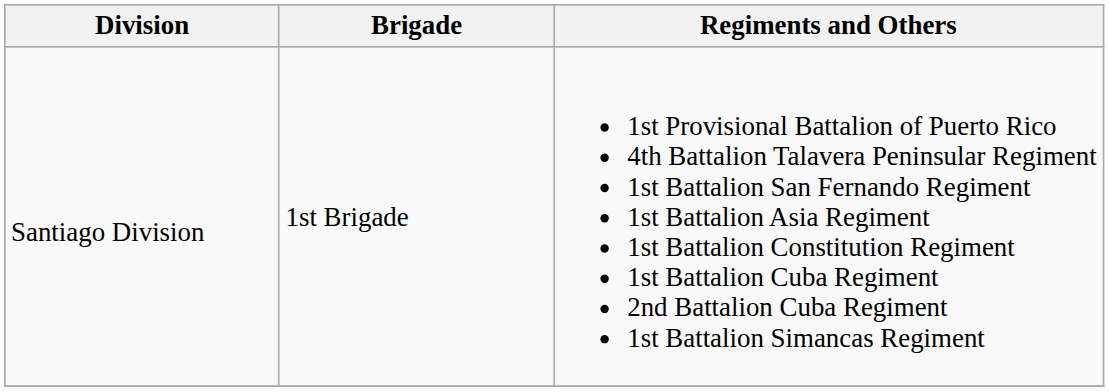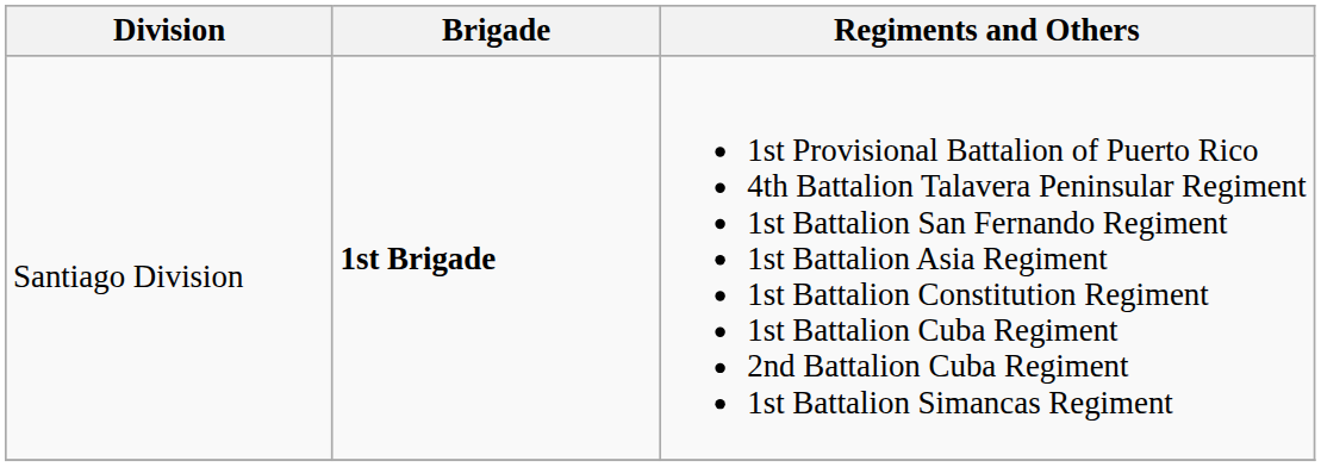 <table class="wikitable">
 <tr>
 <th width=25%>Division</th>
 <th width=25%>Brigade</th>
 <th>Regiments and Others</th>
 </tr>
 <tr>
 <td rowspan=1><br>Santiago Division</td>
-<td>1st Brigade</td>
+<td><strong>1st Brigade</strong></td>
 <td><br><ul><li>1st Provisional Battalion of Puerto Rico</li><li>4th Battalion Talavera Peninsular Regiment</li><li>1st Battalion San Fernando Regiment</li><li>1st Battalion Asia Regiment</li><li>1st Battalion Constitution Regiment</li><li>1st Battalion Cuba Regiment</li><li>2nd Battalion Cuba Regiment</li><li>1st Battalion Simancas Regiment</li></ul></td>
 </tr>
 <tr>
 </tr>
 </table>
